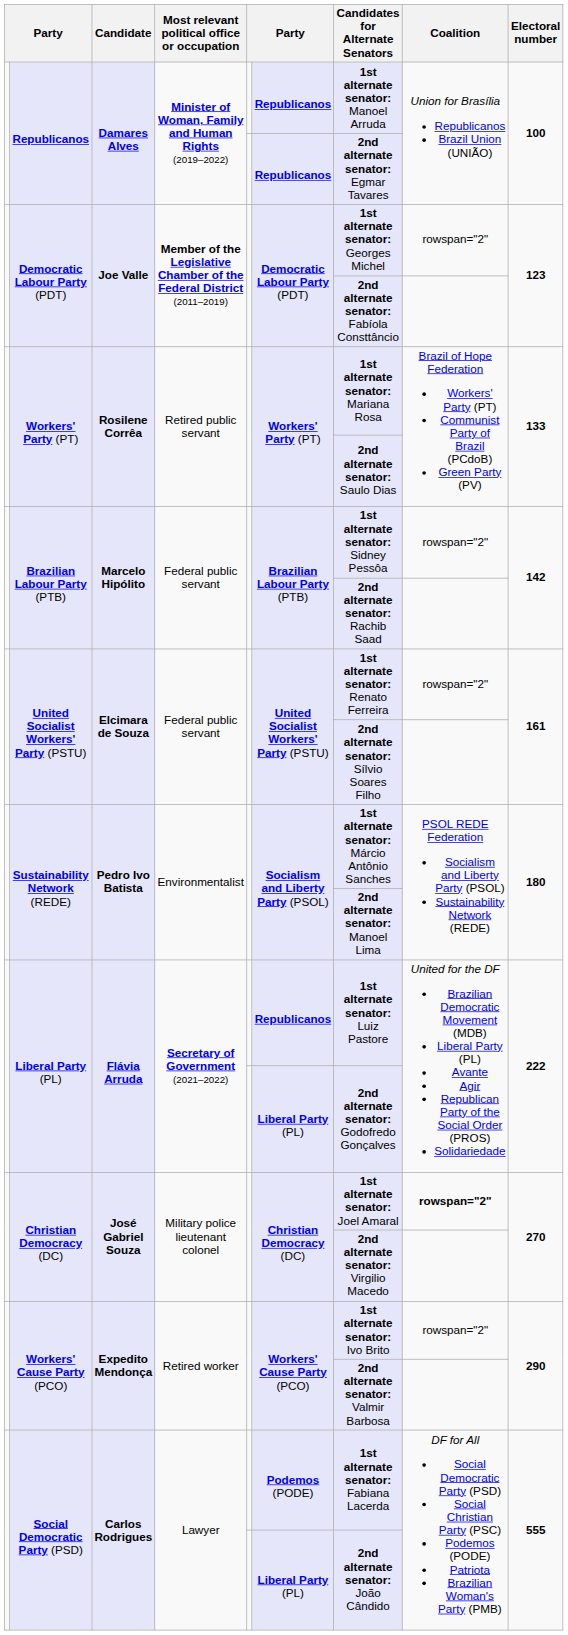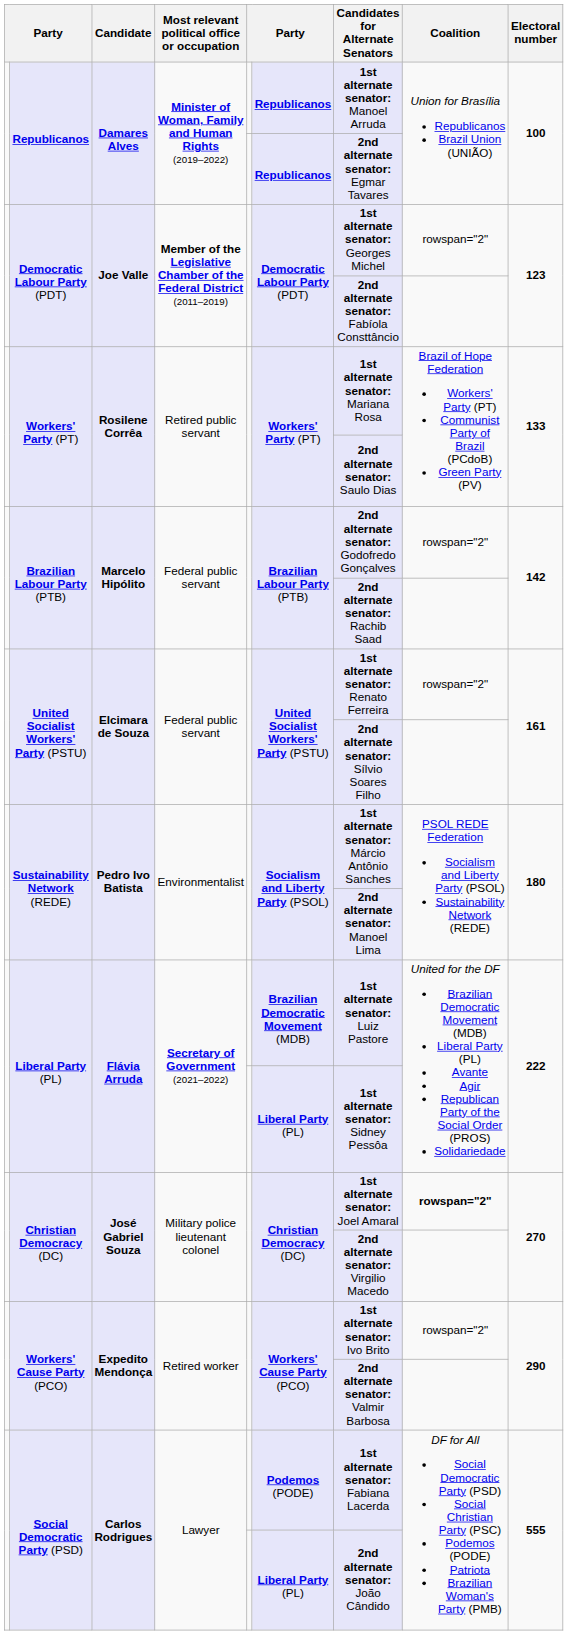 <table class="wikitable" style="text-align:center">
 <tr>
 <th colspan="2">Party</th>
 <th>Candidate</th>
 <th style="max-width:10em">Most relevant political office or occupation</th>
 <th colspan="2">Party</th>
 <th>Candidates for Alternate Senators</th>
 <th>Coalition</th>
 <th>Electoral number</th>
 </tr>
 <tr>
 <td rowspan="2" style="background:"></td>
 <td rowspan="2" style="background:lavender;" max-width:150px><br><strong><a href='#'>Republicanos</a></strong></td>
 <td rowspan="2" style="background:lavender;" max-width:150px><br><strong><a href='#'>Damares Alves</a></strong></td>
 <td rowspan="2" style="max-width:10em"><strong><a href='#'>Minister of Woman, Family and Human Rights</a></strong><br><small>(2019–2022)</small></td>
 <td style="background:"></td>
 <td style="background:lavender;" max-width:150px><br><strong><a href='#'>Republicanos</a></strong></td>
 <td style="background:lavender;"><strong>1st alternate senator:</strong><br>Manoel Arruda</td>
 <td rowspan="2"><em>Union for Brasília</em><br><ul><li><a href='#'>Republicanos</a></li><li><a href='#'>Brazil Union</a> (UNIÃO)</li></ul></td>
 <td rowspan="2"><strong>100</strong></td>
 </tr>
 <tr>
 <td style="background:"></td>
 <td style="background:lavender;" max-width:150px><br><strong><a href='#'>Republicanos</a></strong></td>
 <td style="background:lavender;"><strong>2nd alternate senator:</strong><br>Egmar Tavares</td>
 </tr>
 <tr>
 <td rowspan="2" style="background:"></td>
 <td rowspan="2" style="background:lavender;" max-width:150px><br><strong><a href='#'>Democratic Labour Party</a></strong> (PDT)</td>
 <td rowspan="2" style="background:lavender;" max-width:150px><strong>Joe Valle</strong></td>
 <td rowspan="2" style="max-width:10em"><strong>Member of the <a href='#'>Legislative Chamber of the Federal District</a></strong><br><small>(2011–2019)</small></td>
 <td rowspan="2" style="background:"></td>
 <td rowspan="2" style="background:lavender;" max-width:150px><br><strong><a href='#'>Democratic Labour Party</a></strong> (PDT)</td>
 <td style="background:lavender;"><strong>1st alternate senator:</strong><br>Georges Michel</td>
 <td>rowspan="2" </td>
 <td rowspan="2"><strong>123</strong></td>
 </tr>
 <tr>
 <td style="background:lavender;"><strong>2nd alternate senator:</strong><br>Fabíola Consttâncio</td>
 </tr>
 <tr>
 <td rowspan="2" style="background:"></td>
 <td rowspan="2" style="background:lavender;" max-width:150px><br><strong><a href='#'>Workers' Party</a></strong> (PT)</td>
 <td rowspan="2" style="background:lavender;" max-width:150px><strong>Rosilene Corrêa</strong></td>
 <td rowspan="2" style="max-width:10em">Retired public servant</td>
 <td rowspan="2" style="background:"></td>
 <td rowspan="2" style="background:lavender;" max-width:150px><br><strong><a href='#'>Workers' Party</a></strong> (PT)</td>
 <td style="background:lavender;"><strong>1st alternate senator:</strong><br>Mariana Rosa</td>
 <td rowspan="2"><a href='#'>Brazil of Hope Federation</a><br><ul><li><a href='#'>Workers' Party</a> (PT)</li><li><a href='#'>Communist Party of Brazil</a> (PCdoB)</li><li><a href='#'>Green Party</a> (PV)</li></ul></td>
 <td rowspan="2"><strong>133</strong></td>
 </tr>
 <tr>
 <td style="background:lavender;"><strong>2nd alternate senator:</strong><br>Saulo Dias</td>
 </tr>
 <tr>
 <td rowspan="2" style="background:"></td>
 <td rowspan="2" style="background:lavender;" max-width:150px><br><strong><a href='#'>Brazilian Labour Party</a></strong> (PTB)</td>
 <td rowspan="2" style="background:lavender;" max-width:150px><strong>Marcelo Hipólito</strong></td>
 <td rowspan="2" style="max-width:10em">Federal public servant</td>
 <td rowspan="2" style="background:"></td>
 <td rowspan="2" style="background:lavender;" max-width:150px><br><strong><a href='#'>Brazilian Labour Party</a></strong> (PTB)</td>
-<td style="background:lavender;"><strong>1st alternate senator:</strong><br>Sidney Pessôa</td>
+<td style="background:lavender;"><strong>2nd alternate senator:</strong><br>Godofredo Gonçalves</td>
 <td>rowspan="2" </td>
 <td rowspan="2"><strong>142</strong></td>
 </tr>
 <tr>
 <td style="background:lavender;"><strong>2nd alternate senator:</strong><br>Rachib Saad</td>
 </tr>
 <tr>
 <td rowspan="2" style="background:"></td>
 <td rowspan="2" style="background:lavender;" max-width:150px><br><strong><a href='#'>United Socialist Workers' Party</a></strong> (PSTU)</td>
 <td rowspan="2" style="background:lavender;" max-width:150px><strong>Elcimara de Souza</strong></td>
 <td rowspan="2" style="max-width:10em">Federal public servant</td>
 <td rowspan="2" style="background:"></td>
 <td rowspan="2" style="background:lavender;" max-width:150px><br><strong><a href='#'>United Socialist Workers' Party</a></strong> (PSTU)</td>
 <td style="background:lavender;"><strong>1st alternate senator:</strong><br>Renato Ferreira</td>
 <td>rowspan="2" </td>
 <td rowspan="2"><strong>161</strong></td>
 </tr>
 <tr>
 <td style="background:lavender;"><strong>2nd alternate senator:</strong><br>Sílvio Soares Filho</td>
 </tr>
 <tr>
 <td rowspan="2" style="background:"></td>
 <td rowspan="2" style="background:lavender;" max-width:150px><br><strong><a href='#'>Sustainability Network</a></strong> (REDE)</td>
 <td rowspan="2" style="background:lavender;" max-width:150px><strong>Pedro Ivo Batista</strong></td>
 <td rowspan="2" style="max-width:10em">Environmentalist</td>
 <td rowspan="2" style="background:"></td>
 <td rowspan="2" style="background:lavender;" max-width:150px><br><strong><a href='#'>Socialism and Liberty Party</a></strong> (PSOL)</td>
 <td style="background:lavender;"><strong>1st alternate senator:</strong><br>Márcio Antônio Sanches</td>
 <td rowspan="2"><a href='#'>PSOL REDE Federation</a><br><ul><li><a href='#'>Socialism and Liberty Party</a> (PSOL)</li><li><a href='#'>Sustainability Network</a> (REDE)</li></ul></td>
 <td rowspan="2"><strong>180</strong></td>
 </tr>
 <tr>
 <td style="background:lavender;"><strong>2nd alternate senator:</strong><br>Manoel Lima</td>
 </tr>
 <tr>
 <td rowspan="2" style="background:"></td>
 <td rowspan="2" style="background:lavender;" max-width:150px><br><strong><a href='#'>Liberal Party</a></strong> (PL)</td>
 <td rowspan="2" style="background:lavender;" max-width:150px><br><strong><a href='#'>Flávia Arruda</a></strong></td>
 <td rowspan="2" style="max-width:10em"><strong><a href='#'>Secretary of Government</a></strong><br><small>(2021–2022)</small></td>
 <td style="background:"></td>
-<td style="background:lavender;" max-width:150px><br><strong><a href='#'>Republicanos</a></strong></td>
+<td style="background:lavender;" max-width:150px><br><strong><a href='#'>Brazilian Democratic Movement</a></strong> (MDB)</td>
 <td style="background:lavender;"><strong>1st alternate senator:</strong><br>Luiz Pastore</td>
 <td rowspan="2"><em>United for the DF</em><br><ul><li><a href='#'>Brazilian Democratic Movement</a> (MDB)</li><li><a href='#'>Liberal Party</a> (PL)</li><li><a href='#'>Avante</a></li><li><a href='#'>Agir</a></li><li><a href='#'>Republican Party of the Social Order</a> (PROS)</li><li><a href='#'>Solidariedade</a></li></ul></td>
 <td rowspan="2"><strong>222</strong></td>
 </tr>
 <tr>
 <td style="background:"></td>
 <td style="background:lavender;" max-width:150px><br><strong><a href='#'>Liberal Party</a></strong> (PL)</td>
-<td style="background:lavender;"><strong>2nd alternate senator:</strong><br>Godofredo Gonçalves</td>
+<td style="background:lavender;"><strong>1st alternate senator:</strong><br>Sidney Pessôa</td>
 </tr>
 <tr>
 <td rowspan="2" style="background:"></td>
 <td rowspan="2" style="background:lavender;" max-width:150px><br><strong><a href='#'>Christian Democracy</a></strong> (DC)</td>
 <td rowspan="2" style="background:lavender;" max-width:150px><strong>José Gabriel Souza</strong></td>
 <td rowspan="2" style="max-width:10em">Military police lieutenant colonel</td>
 <td rowspan="2" style="background:"></td>
 <td rowspan="2" style="background:lavender;" max-width:150px><br><strong><a href='#'>Christian Democracy</a></strong> (DC)</td>
 <td style="background:lavender;"><strong>1st alternate senator:</strong><br>Joel Amaral</td>
 <td><strong>rowspan="2" </strong></td>
 <td rowspan="2"><strong>270</strong></td>
 </tr>
 <tr>
 <td style="background:lavender;"><strong>2nd alternate senator:</strong><br>Virgilio Macedo</td>
 </tr>
 <tr>
 <td rowspan="2" style="background:"></td>
 <td rowspan="2" style="background:lavender;" max-width:150px><br><strong><a href='#'>Workers' Cause Party</a></strong> (PCO)</td>
 <td rowspan="2" style="background:lavender;" max-width:150px><strong>Expedito Mendonça</strong></td>
 <td rowspan="2" style="max-width:10em">Retired worker</td>
 <td rowspan="2" style="background:"></td>
 <td rowspan="2" style="background:lavender;" max-width:150px><br><strong><a href='#'>Workers' Cause Party</a></strong> (PCO)</td>
 <td style="background:lavender;"><strong>1st alternate senator:</strong><br>Ivo Brito</td>
 <td>rowspan="2" </td>
 <td rowspan="2"><strong>290</strong></td>
 </tr>
 <tr>
 <td style="background:lavender;"><strong>2nd alternate senator:</strong><br>Valmir Barbosa</td>
 </tr>
 <tr>
 <td rowspan="2" style="background:"></td>
 <td rowspan="2" style="background:lavender;" max-width:150px><br><strong><a href='#'>Social Democratic Party</a></strong> (PSD)</td>
 <td rowspan="2" style="background:lavender;" max-width:150px><strong>Carlos Rodrigues</strong></td>
 <td rowspan="2" style="max-width:10em">Lawyer</td>
 <td style="background:"></td>
 <td style="background:lavender;" max-width:150px><br><strong><a href='#'>Podemos</a></strong> (PODE)</td>
 <td style="background:lavender;"><strong>1st alternate senator:</strong><br>Fabiana Lacerda</td>
 <td rowspan="2"><em>DF for All</em><br><ul><li><a href='#'>Social Democratic Party</a> (PSD)</li><li><a href='#'>Social Christian Party</a> (PSC)</li><li><a href='#'>Podemos</a> (PODE)</li><li><a href='#'>Patriota</a></li><li><a href='#'>Brazilian Woman's Party</a> (PMB)</li></ul></td>
 <td rowspan="2"><strong>555</strong></td>
 </tr>
 <tr>
 <td style="background:"></td>
 <td style="background:lavender;" max-width:150px><br><strong><a href='#'>Liberal Party</a></strong> (PL)</td>
 <td style="background:lavender;"><strong>2nd alternate senator:</strong><br>João Cândido</td>
 </tr>
 </table>
